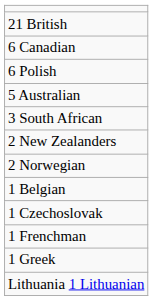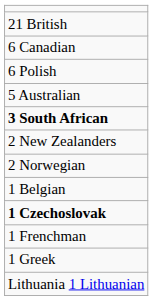 <table class="wikitable" align="right">
 <tr>
 <td></td>
 </tr>
 <tr>
 <td>21 British</td>
 </tr>
 <tr>
 <td>6 Canadian</td>
 </tr>
 <tr>
 <td>6 Polish</td>
 </tr>
 <tr>
 <td>5 Australian</td>
 </tr>
 <tr>
-<td>3 South African</td>
+<td><strong>3 South African</strong></td>
 </tr>
 <tr>
 <td>2 New Zealanders</td>
 </tr>
 <tr>
 <td>2 Norwegian</td>
 </tr>
 <tr>
 <td>1 Belgian</td>
 </tr>
 <tr>
-<td>1 Czechoslovak</td>
+<td><strong>1 Czechoslovak</strong></td>
 </tr>
 <tr>
 <td>1 Frenchman</td>
 </tr>
 <tr>
 <td>1 Greek</td>
 </tr>
 <tr>
 <td>Lithuania <a href='#'>1 Lithuanian</a></td>
 </tr>
 </table>
